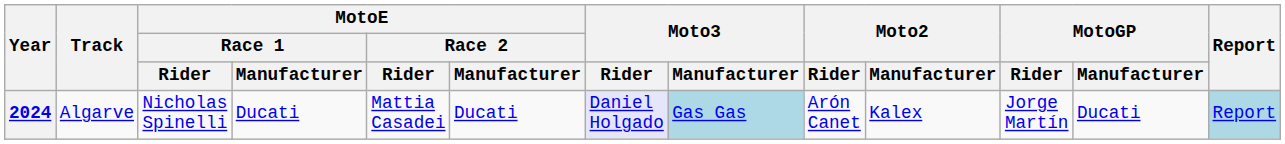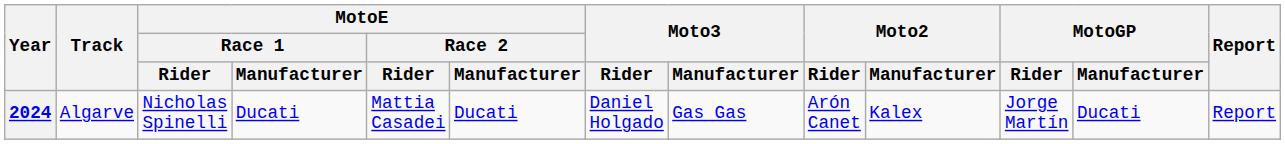 <table class="wikitable" style="font-size: 95%;">
 <tr>
 <th rowspan=3>Year</th>
 <th rowspan=3>Track</th>
 <th colspan=4>MotoE</th>
 <th colspan=2 rowspan=2>Moto3</th>
 <th colspan=2 rowspan=2>Moto2</th>
 <th colspan=2 rowspan=2>MotoGP</th>
 <th rowspan=3>Report</th>
 </tr>
 <tr>
 <th colspan=2>Race 1</th>
 <th colspan=2>Race 2</th>
 </tr>
 <tr>
 <th>Rider</th>
 <th>Manufacturer</th>
 <th>Rider</th>
 <th>Manufacturer</th>
 <th>Rider</th>
 <th>Manufacturer</th>
 <th>Rider</th>
 <th>Manufacturer</th>
 <th>Rider</th>
 <th>Manufacturer</th>
 </tr>
 <tr>
 <th><a href='#'>2024</a></th>
 <td rowspan="4"><a href='#'>Algarve</a></td>
 <td> <a href='#'>Nicholas Spinelli</a></td>
 <td><a href='#'>Ducati</a></td>
 <td> <a href='#'>Mattia Casadei</a></td>
 <td><a href='#'>Ducati</a></td>
-<td style="background: lavender;"> <a href='#'>Daniel Holgado</a></td>
-<td style="background: lightblue;"><a href='#'>Gas Gas</a></td>
+<td> <a href='#'>Daniel Holgado</a></td>
+<td><a href='#'>Gas Gas</a></td>
 <td> <a href='#'>Arón Canet</a></td>
 <td><a href='#'>Kalex</a></td>
 <td> <a href='#'>Jorge Martín</a></td>
 <td><a href='#'>Ducati</a></td>
-<td style="background: lightblue;"><a href='#'>Report</a></td>
+<td><a href='#'>Report</a></td>
 </tr>
 </table>
